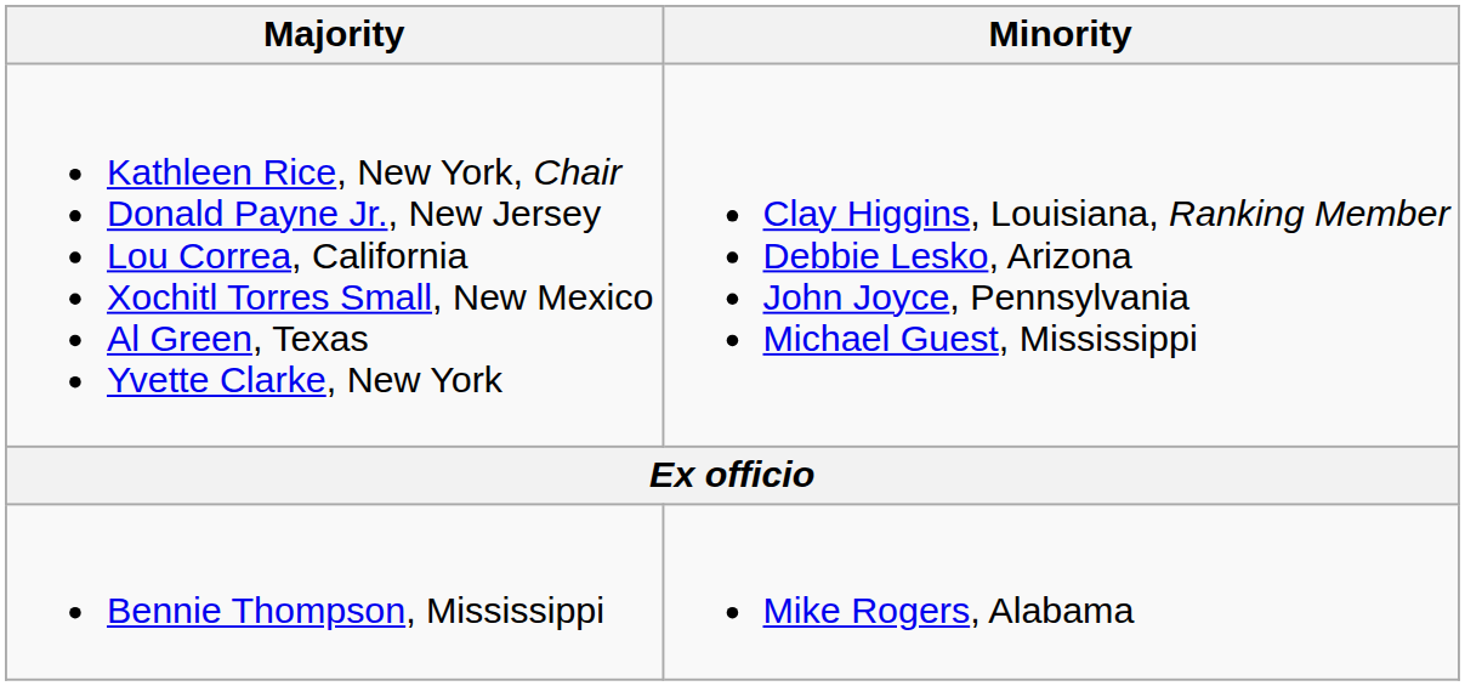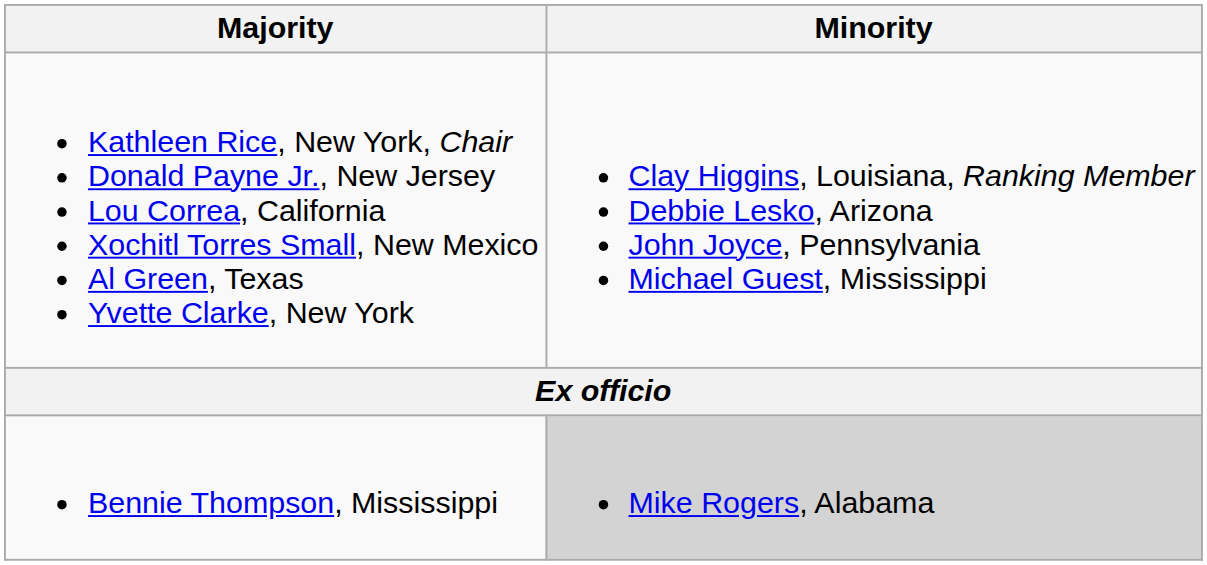 <table class="wikitable">
 <tr>
 <th>Majority</th>
 <th>Minority</th>
 </tr>
 <tr>
 <td><br><ul><li><a href='#'>Kathleen Rice</a>, New York, <em>Chair</em></li><li><a href='#'>Donald Payne Jr.</a>, New Jersey</li><li><a href='#'>Lou Correa</a>, California</li><li><a href='#'>Xochitl Torres Small</a>, New Mexico</li><li><a href='#'>Al Green</a>, Texas</li><li><a href='#'>Yvette Clarke</a>, New York</li></ul></td>
 <td><br><ul><li><a href='#'>Clay Higgins</a>, Louisiana, <em>Ranking Member</em></li><li><a href='#'>Debbie Lesko</a>, Arizona</li><li><a href='#'>John Joyce</a>, Pennsylvania</li><li><a href='#'>Michael Guest</a>, Mississippi</li></ul></td>
 </tr>
 <tr>
 <th colspan="2"><em>Ex officio</em></th>
 </tr>
 <tr>
 <td><br><ul><li><a href='#'>Bennie Thompson</a>, Mississippi</li></ul></td>
-<td><br><ul><li><a href='#'>Mike Rogers</a>, Alabama</li></ul></td>
+<td style="background: lightgrey;"><br><ul><li><a href='#'>Mike Rogers</a>, Alabama</li></ul></td>
 </tr>
 </table>
